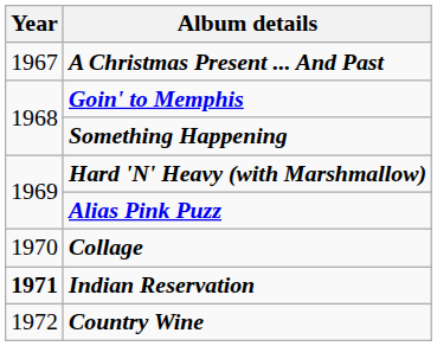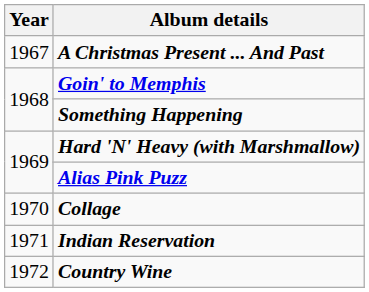 <table class="wikitable">
 <tr>
 <th>Year</th>
 <th>Album details</th>
 </tr>
 <tr>
 <td>1967</td>
 <td><strong><em>A Christmas Present ... And Past</em></strong></td>
 </tr>
 <tr>
 <td rowspan="2">1968</td>
 <td><strong><em><a href='#'>Goin' to Memphis</a></em></strong></td>
 </tr>
 <tr>
 <td><strong><em>Something Happening</em></strong></td>
 </tr>
 <tr>
 <td rowspan="2">1969</td>
 <td><strong><em>Hard 'N' Heavy (with Marshmallow)</em></strong></td>
 </tr>
 <tr>
 <td><strong><em><a href='#'>Alias Pink Puzz</a></em></strong></td>
 </tr>
 <tr>
 <td>1970</td>
 <td><strong><em>Collage</em></strong></td>
 </tr>
 <tr>
-<td><strong>1971</strong></td>
+<td>1971</td>
 <td><strong><em>Indian Reservation</em></strong></td>
 </tr>
 <tr>
 <td>1972</td>
 <td><strong><em>Country Wine</em></strong></td>
 </tr>
 </table>
